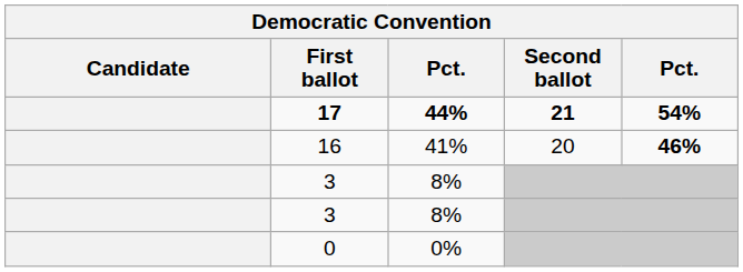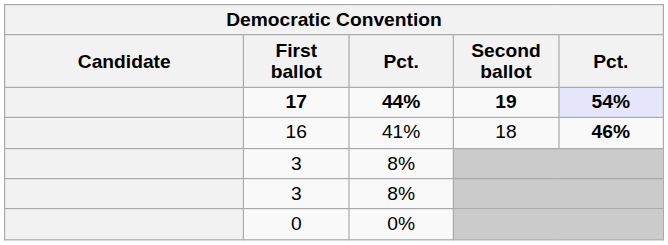 <table class="wikitable sortable plainrowheaders">
 <tr>
 <th colspan="5" >Democratic Convention</th>
 </tr>
 <tr style="background:#eee; text-align:center;">
 <th scope="col" style="width: 12em">Candidate</th>
 <th scope="col"  style="width: 5em">First ballot</th>
 <th scope="col"  style="width: 5em">Pct.</th>
 <th scope="col"  style="width: 5em">Second ballot</th>
 <th scope="col"  style="width: 5em">Pct.</th>
 </tr>
 <tr>
 <th scope="row"><strong></strong></th>
 <td style="text-align:center;"><strong>17</strong></td>
 <td style="text-align:center;"><strong>44%</strong></td>
-<td style="text-align:center;"><strong>21</strong></td>
-<td style="text-align:center;"><strong>54%</strong></td>
+<td style="text-align:center;"><strong>19</strong></td>
+<td style="background: lavender; text-align:center;"><strong>54%</strong></td>
 </tr>
 <tr>
 <th scope="row"></th>
 <td style="text-align:center;">16</td>
 <td style="text-align:center;">41%</td>
-<td style="text-align:center;">20</td>
+<td style="text-align:center;">18</td>
 <td style="text-align:center;"><strong>46%</strong></td>
 </tr>
 <tr>
 <th scope="row"></th>
 <td style="text-align:center;">3</td>
 <td style="text-align:center;">8%</td>
 <td colspan=2 style="text-align:center; background:#cbcbcb"></td>
 </tr>
 <tr>
 <th scope="row"></th>
 <td style="text-align:center;">3</td>
 <td style="text-align:center;">8%</td>
 <td colspan=2 style="text-align:center; background:#cbcbcb"></td>
 </tr>
 <tr>
 <th scope="row"></th>
 <td style="text-align:center;">0</td>
 <td style="text-align:center;">0%</td>
 <td colspan=2 style="text-align:center; background:#cbcbcb"></td>
 </tr>
 </table>
